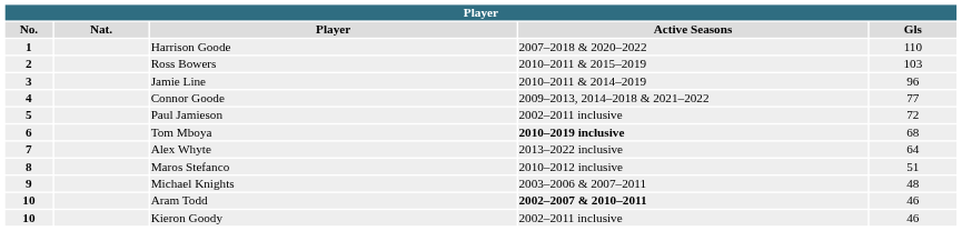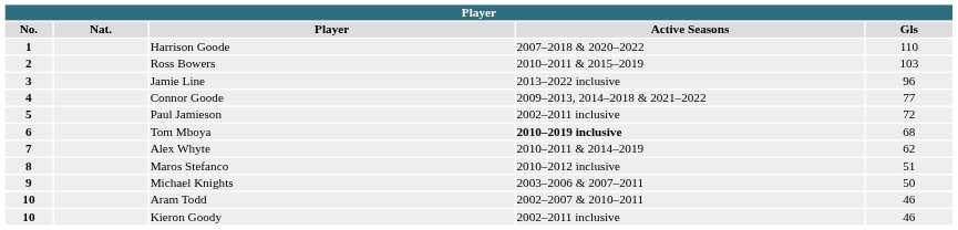 <table class="toccolours"  style="width:97%; clear:both; margin:1.5em auto; text-align:center;">
 <tr>
 <th colspan="11" style="background:#2f6d81; color:white;”">Player</th>
 </tr>
 <tr style="background:#ddd;">
 <th width=5%>No.</th>
 <th width=10%>Nat.</th>
 <th !width=30%>Player</th>
 <th width=37%>Active Seasons</th>
 <th widith=18%>Gls</th>
 </tr>
 <tr style="background:#eee;">
 <td><strong>1</strong></td>
 <td></td>
 <td align=left>Harrison Goode</td>
 <td align=left>2007–2018 & 2020–2022</td>
 <td>110</td>
 </tr>
 <tr style="background:#eee;">
 <td><strong>2</strong></td>
 <td></td>
 <td align=left>Ross Bowers</td>
 <td align=left>2010–2011 & 2015–2019</td>
 <td>103</td>
 </tr>
 <tr style="background:#eee;">
 <td><strong>3</strong></td>
 <td></td>
 <td align=left>Jamie Line</td>
-<td align=left>2010–2011 & 2014–2019</td>
+<td align=left>2013–2022 inclusive</td>
 <td>96</td>
 </tr>
 <tr style="background:#eee;">
 <td><strong>4</strong></td>
 <td></td>
 <td align=left>Connor Goode</td>
 <td align=left>2009–2013, 2014–2018 & 2021–2022</td>
 <td>77</td>
 </tr>
 <tr style="background:#eee;">
 <td><strong>5</strong></td>
 <td></td>
 <td align=left>Paul Jamieson</td>
 <td align=left>2002–2011 inclusive</td>
 <td>72</td>
 </tr>
 <tr style="background:#eee;">
 <td><strong>6</strong></td>
 <td></td>
 <td align=left>Tom Mboya</td>
 <td align=left><strong>2010–2019 inclusive</strong></td>
 <td>68</td>
 </tr>
 <tr style="background:#eee;">
 <td><strong>7</strong></td>
 <td></td>
 <td align=left>Alex Whyte</td>
-<td align=left>2013–2022 inclusive</td>
-<td>64</td>
+<td align=left>2010–2011 & 2014–2019</td>
+<td>62</td>
 </tr>
 <tr style="background:#eee;">
 <td><strong>8</strong></td>
 <td></td>
 <td align=left>Maros Stefanco</td>
 <td align=left>2010–2012 inclusive</td>
 <td>51</td>
 </tr>
 <tr style="background:#eee;">
 <td><strong>9</strong></td>
 <td></td>
 <td align="left">Michael Knights</td>
 <td align=left>2003–2006 & 2007–2011</td>
-<td>48</td>
+<td>50</td>
 </tr>
 <tr style="background:#eee;">
 <td><strong>10</strong></td>
 <td></td>
 <td align=left>Aram Todd</td>
-<td align=left><strong>2002–2007 & 2010–2011</strong></td>
+<td align=left>2002–2007 & 2010–2011</td>
 <td>46</td>
 </tr>
 <tr style="background:#eee;">
 <td><strong>10</strong></td>
 <td></td>
 <td align=left>Kieron Goody</td>
 <td align=left>2002–2011 inclusive</td>
 <td>46</td>
 </tr>
 </table>
